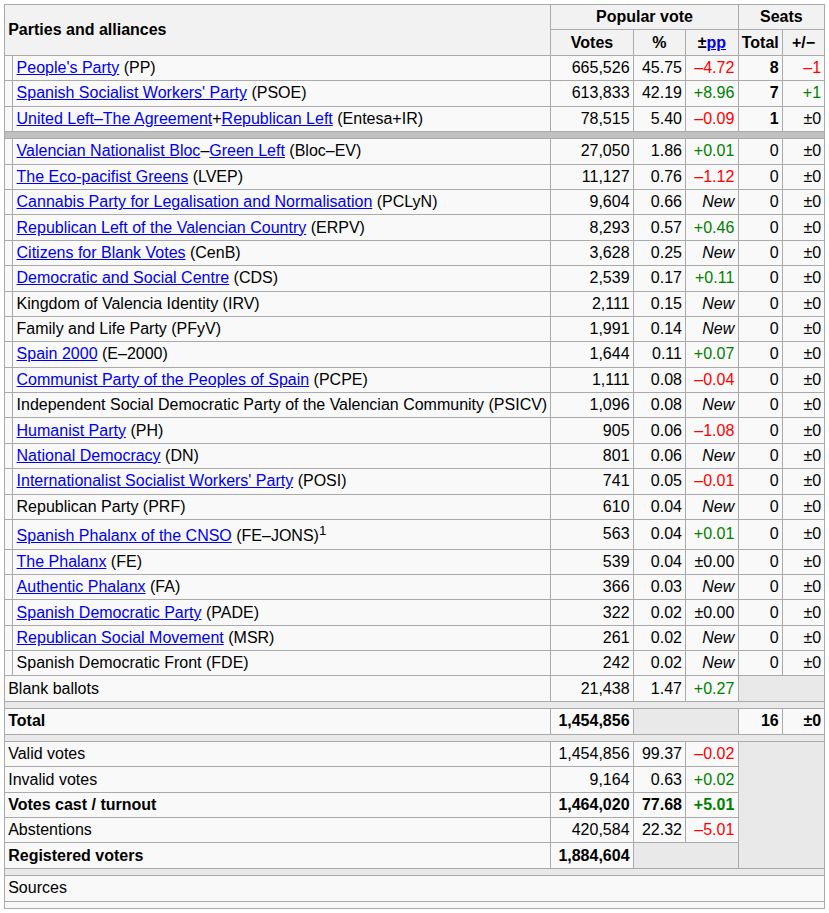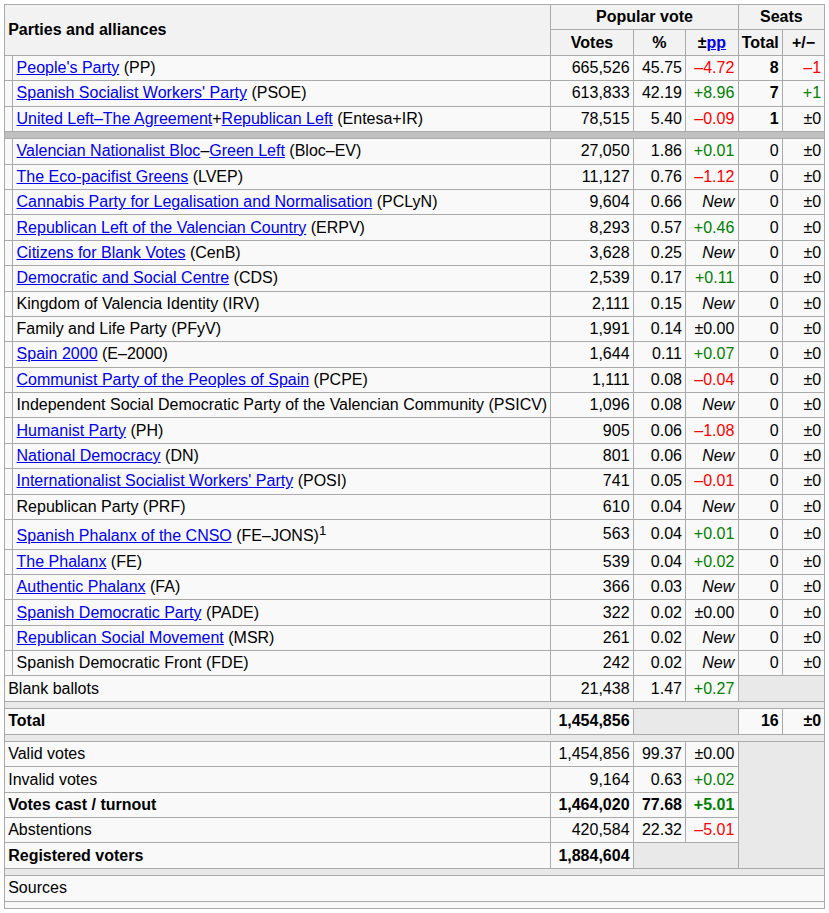 <table class="wikitable" style="text-align:right;">
 <tr>
 <th style="text-align:left;" rowspan="2" colspan="2" width="525">Parties and alliances</th>
 <th colspan="3">Popular vote</th>
 <th colspan="2">Seats</th>
 </tr>
 <tr>
 <th width="75">Votes</th>
 <th width="45">%</th>
 <th width="45">±<a href='#'>pp</a></th>
 <th width="35">Total</th>
 <th width="35">+/−</th>
 </tr>
 <tr>
 <td width="1" style="color:inherit;background:"></td>
 <td align="left"><a href='#'>People's Party</a> (PP)</td>
 <td>665,526</td>
 <td>45.75</td>
 <td style="color:red;">–4.72</td>
 <td><strong>8</strong></td>
 <td style="color:red;">–1</td>
 </tr>
 <tr>
 <td style="color:inherit;background:"></td>
 <td align="left"><a href='#'>Spanish Socialist Workers' Party</a> (PSOE)</td>
 <td>613,833</td>
 <td>42.19</td>
 <td style="color:green;">+8.96</td>
 <td><strong>7</strong></td>
 <td style="color:green;">+1</td>
 </tr>
 <tr>
 <td style="color:inherit;background:"></td>
 <td align="left"><a href='#'>United Left–The Agreement</a>+<a href='#'>Republican Left</a> (Entesa+IR)</td>
 <td>78,515</td>
 <td>5.40</td>
 <td style="color:red;">–0.09</td>
 <td><strong>1</strong></td>
 <td>±0</td>
 </tr>
 <tr>
 <td colspan="7" bgcolor="#C0C0C0"></td>
 </tr>
 <tr>
 <td style="color:inherit;background:"></td>
 <td align="left"><a href='#'>Valencian Nationalist Bloc</a>–<a href='#'>Green Left</a> (Bloc–EV)</td>
 <td>27,050</td>
 <td>1.86</td>
 <td style="color:green;">+0.01</td>
 <td>0</td>
 <td>±0</td>
 </tr>
 <tr>
 <td style="color:inherit;background:"></td>
 <td align="left"><a href='#'>The Eco-pacifist Greens</a> (LVEP)</td>
 <td>11,127</td>
 <td>0.76</td>
 <td style="color:red;">–1.12</td>
 <td>0</td>
 <td>±0</td>
 </tr>
 <tr>
 <td style="color:inherit;background:"></td>
 <td align="left"><a href='#'>Cannabis Party for Legalisation and Normalisation</a> (PCLyN)</td>
 <td>9,604</td>
 <td>0.66</td>
 <td><em>New</em></td>
 <td>0</td>
 <td>±0</td>
 </tr>
 <tr>
 <td style="color:inherit;background:"></td>
 <td align="left"><a href='#'>Republican Left of the Valencian Country</a> (ERPV)</td>
 <td>8,293</td>
 <td>0.57</td>
 <td style="color:green;">+0.46</td>
 <td>0</td>
 <td>±0</td>
 </tr>
 <tr>
 <td style="color:inherit;background:"></td>
 <td align="left"><a href='#'>Citizens for Blank Votes</a> (CenB)</td>
 <td>3,628</td>
 <td>0.25</td>
 <td><em>New</em></td>
 <td>0</td>
 <td>±0</td>
 </tr>
 <tr>
 <td style="color:inherit;background:"></td>
 <td align="left"><a href='#'>Democratic and Social Centre</a> (CDS)</td>
 <td>2,539</td>
 <td>0.17</td>
 <td style="color:green;">+0.11</td>
 <td>0</td>
 <td>±0</td>
 </tr>
 <tr>
 <td style="color:inherit;background:"></td>
 <td align="left">Kingdom of Valencia Identity (IRV)</td>
 <td>2,111</td>
 <td>0.15</td>
 <td><em>New</em></td>
 <td>0</td>
 <td>±0</td>
 </tr>
 <tr>
 <td style="color:inherit;background:"></td>
 <td align="left">Family and Life Party (PFyV)</td>
 <td>1,991</td>
 <td>0.14</td>
-<td><em>New</em></td>
+<td>±0.00</td>
 <td>0</td>
 <td>±0</td>
 </tr>
 <tr>
 <td style="color:inherit;background:"></td>
 <td align="left"><a href='#'>Spain 2000</a> (E–2000)</td>
 <td>1,644</td>
 <td>0.11</td>
 <td style="color:green;">+0.07</td>
 <td>0</td>
 <td>±0</td>
 </tr>
 <tr>
 <td style="color:inherit;background:"></td>
 <td align="left"><a href='#'>Communist Party of the Peoples of Spain</a> (PCPE)</td>
 <td>1,111</td>
 <td>0.08</td>
 <td style="color:red;">–0.04</td>
 <td>0</td>
 <td>±0</td>
 </tr>
 <tr>
 <td style="color:inherit;background:"></td>
 <td align="left">Independent Social Democratic Party of the Valencian Community (PSICV)</td>
 <td>1,096</td>
 <td>0.08</td>
 <td><em>New</em></td>
 <td>0</td>
 <td>±0</td>
 </tr>
 <tr>
 <td style="color:inherit;background:"></td>
 <td align="left"><a href='#'>Humanist Party</a> (PH)</td>
 <td>905</td>
 <td>0.06</td>
 <td style="color:red;">–1.08</td>
 <td>0</td>
 <td>±0</td>
 </tr>
 <tr>
 <td style="color:inherit;background:"></td>
 <td align="left"><a href='#'>National Democracy</a> (DN)</td>
 <td>801</td>
 <td>0.06</td>
 <td><em>New</em></td>
 <td>0</td>
 <td>±0</td>
 </tr>
 <tr>
 <td style="color:inherit;background:"></td>
 <td align="left"><a href='#'>Internationalist Socialist Workers' Party</a> (POSI)</td>
 <td>741</td>
 <td>0.05</td>
 <td style="color:red;">–0.01</td>
 <td>0</td>
 <td>±0</td>
 </tr>
 <tr>
 <td style="color:inherit;background:"></td>
 <td align="left">Republican Party (PRF)</td>
 <td>610</td>
 <td>0.04</td>
 <td><em>New</em></td>
 <td>0</td>
 <td>±0</td>
 </tr>
 <tr>
 <td style="color:inherit;background:"></td>
 <td align="left"><a href='#'>Spanish Phalanx of the CNSO</a> (FE–JONS)<sup>1</sup></td>
 <td>563</td>
 <td>0.04</td>
 <td style="color:green;">+0.01</td>
 <td>0</td>
 <td>±0</td>
 </tr>
 <tr>
 <td style="color:inherit;background:"></td>
 <td align="left"><a href='#'>The Phalanx</a> (FE)</td>
 <td>539</td>
 <td>0.04</td>
-<td>±0.00</td>
+<td style="color:green;">+0.02</td>
 <td>0</td>
 <td>±0</td>
 </tr>
 <tr>
 <td style="color:inherit;background:"></td>
 <td align="left"><a href='#'>Authentic Phalanx</a> (FA)</td>
 <td>366</td>
 <td>0.03</td>
 <td><em>New</em></td>
 <td>0</td>
 <td>±0</td>
 </tr>
 <tr>
 <td style="color:inherit;background:"></td>
 <td align="left"><a href='#'>Spanish Democratic Party</a> (PADE)</td>
 <td>322</td>
 <td>0.02</td>
 <td>±0.00</td>
 <td>0</td>
 <td>±0</td>
 </tr>
 <tr>
 <td style="color:inherit;background:"></td>
 <td align="left"><a href='#'>Republican Social Movement</a> (MSR)</td>
 <td>261</td>
 <td>0.02</td>
 <td><em>New</em></td>
 <td>0</td>
 <td>±0</td>
 </tr>
 <tr>
 <td style="color:inherit;background:"></td>
 <td align="left">Spanish Democratic Front (FDE)</td>
 <td>242</td>
 <td>0.02</td>
 <td><em>New</em></td>
 <td>0</td>
 <td>±0</td>
 </tr>
 <tr>
 <td align="left" colspan="2">Blank ballots</td>
 <td>21,438</td>
 <td>1.47</td>
 <td style="color:green;">+0.27</td>
 <td bgcolor="#E9E9E9" colspan="2"></td>
 </tr>
 <tr>
 <td colspan="7" bgcolor="#E9E9E9"></td>
 </tr>
 <tr style="font-weight:bold;">
 <td align="left" colspan="2">Total</td>
 <td>1,454,856</td>
 <td bgcolor="#E9E9E9" colspan="2"></td>
 <td>16</td>
 <td>±0</td>
 </tr>
 <tr>
 <td colspan="7" bgcolor="#E9E9E9"></td>
 </tr>
 <tr>
 <td align="left" colspan="2">Valid votes</td>
 <td>1,454,856</td>
 <td>99.37</td>
-<td style="color:red;">–0.02</td>
+<td>±0.00</td>
 <td bgcolor="#E9E9E9" colspan="2" rowspan="5"></td>
 </tr>
 <tr>
 <td align="left" colspan="2">Invalid votes</td>
 <td>9,164</td>
 <td>0.63</td>
 <td style="color:green;">+0.02</td>
 </tr>
 <tr style="font-weight:bold;">
 <td align="left" colspan="2">Votes cast / turnout</td>
 <td>1,464,020</td>
 <td>77.68</td>
 <td style="color:green;">+5.01</td>
 </tr>
 <tr>
 <td align="left" colspan="2">Abstentions</td>
 <td>420,584</td>
 <td>22.32</td>
 <td style="color:red;">–5.01</td>
 </tr>
 <tr style="font-weight:bold;">
 <td align="left" colspan="2">Registered voters</td>
 <td>1,884,604</td>
 <td bgcolor="#E9E9E9" colspan="2"></td>
 </tr>
 <tr>
 <td colspan="7" bgcolor="#E9E9E9"></td>
 </tr>
 <tr>
 <td align="left" colspan="7">Sources</td>
 </tr>
 <tr>
 <td colspan="7" style="text-align:left; max-width:790px;"></td>
 </tr>
 </table>
